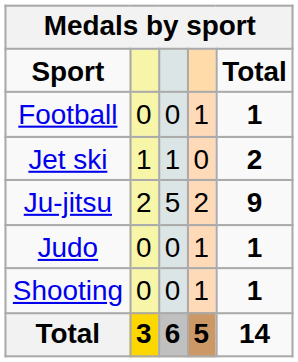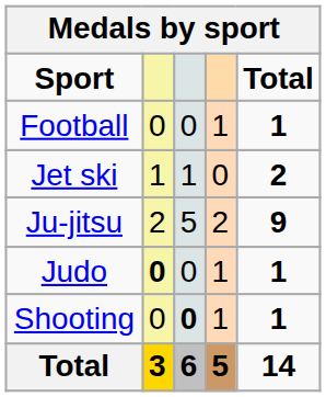 <table class=wikitable style="font-size:85%; float:right;text-align:center">
 <tr bgcolor=EFEFEF>
 <th colspan=7>Medals by sport</th>
 </tr>
 <tr>
 <td><strong>Sport</strong></td>
 <td bgcolor=F7F6A8></td>
 <td bgcolor=DCE5E5></td>
 <td bgcolor=FFDBA9></td>
 <td><strong>Total</strong></td>
 </tr>
 <tr>
 <td><a href='#'>Football</a></td>
 <td bgcolor=F7F6A8>0</td>
 <td bgcolor=DCE5E5>0</td>
 <td bgcolor=FFDAB9>1</td>
 <td><strong>1</strong></td>
 </tr>
 <tr>
 <td><a href='#'>Jet ski</a></td>
 <td bgcolor=F7F6A8>1</td>
 <td bgcolor=DCE5E5>1</td>
 <td bgcolor=FFDAB9>0</td>
 <td><strong>2</strong></td>
 </tr>
 <tr>
 <td><a href='#'>Ju-jitsu</a></td>
 <td bgcolor=F7F6A8>2</td>
 <td bgcolor=DCE5E5>5</td>
 <td bgcolor=FFDAB9>2</td>
 <td><strong>9</strong></td>
 </tr>
 <tr>
 <td><a href='#'>Judo</a></td>
-<td bgcolor=F7F6A8>0</td>
+<td bgcolor=F7F6A8><strong>0</strong></td>
 <td bgcolor=DCE5E5>0</td>
 <td bgcolor=FFDAB9>1</td>
 <td><strong>1</strong></td>
 </tr>
 <tr>
 <td><a href='#'>Shooting</a></td>
 <td bgcolor=F7F6A8>0</td>
-<td bgcolor=DCE5E5>0</td>
+<td bgcolor=DCE5E5><strong>0</strong></td>
 <td bgcolor=FFDAB9>1</td>
 <td><strong>1</strong></td>
 </tr>
 <tr>
 <th>Total</th>
 <td style="background:gold;"><strong>3</strong></td>
 <td style="background:silver;"><strong>6</strong></td>
 <td style="background:#c96;"><strong>5</strong></td>
 <td><strong>14</strong></td>
 </tr>
 </table>
